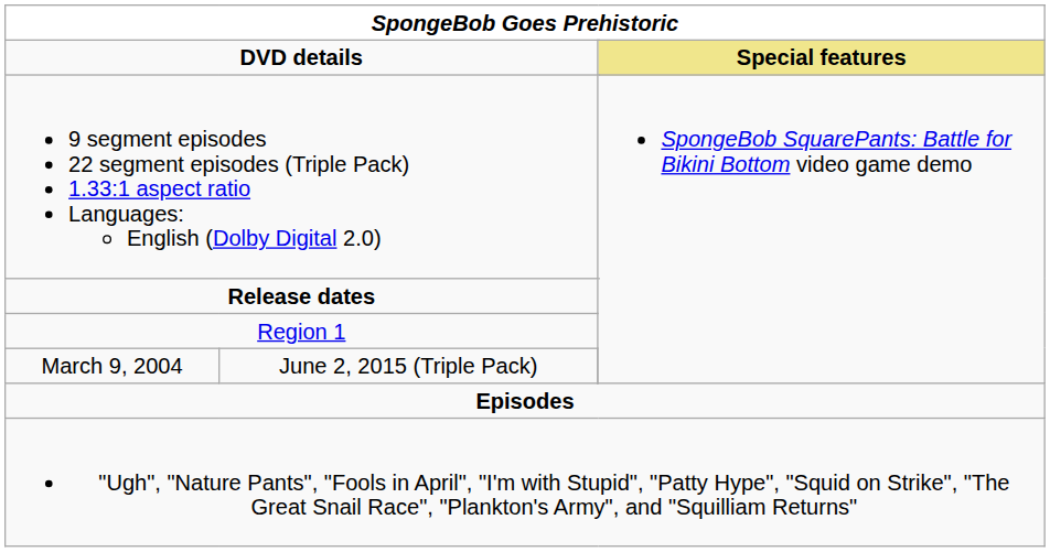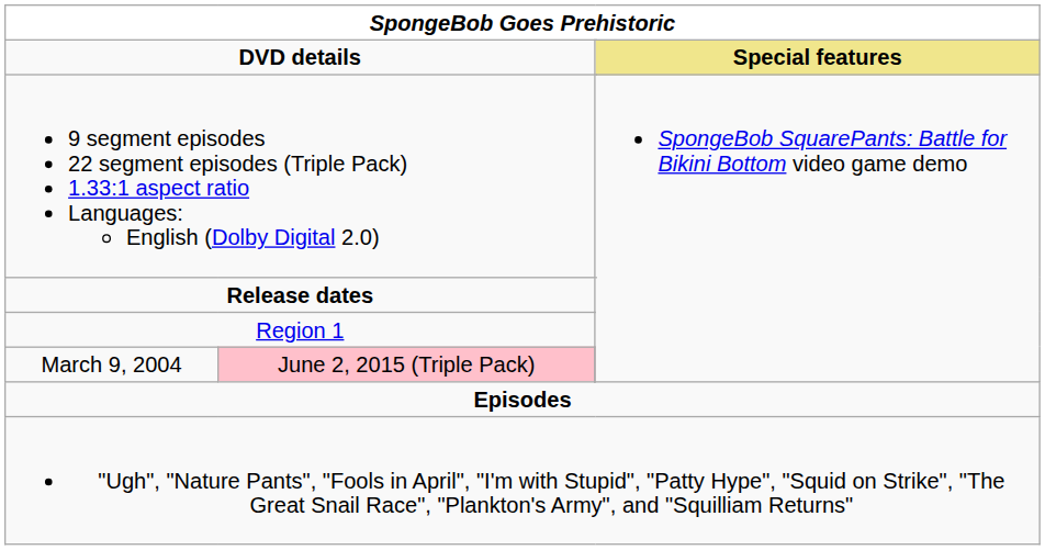 <table class="wikitable" style="font-size: 95%;">
 <tr style="background:#FFF; color:#000;">
 <td colspan="4" align="center"><strong><em>SpongeBob Goes Prehistoric</em></strong></td>
 </tr>
 <tr valign="top">
 <td style="text-align:center; width:400px;" colspan="3"><strong>DVD details</strong></td>
 <td style="background: khaki; width:300px; text-align:center;"><strong>Special features</strong></td>
 </tr>
 <tr valign="top">
 <td colspan="3" style="text-align:left; width:400px;"><br><ul><li>9 segment episodes</li><li>22 segment episodes (Triple Pack)</li><li><a href='#'>1.33:1 aspect ratio</a></li><li>Languages:<ul><li>English (<a href='#'>Dolby Digital</a> 2.0)</li></ul></li></ul></td>
 <td rowspan="4" style="text-align:left; width:300px;"><br><ul><li><em><a href='#'>SpongeBob SquarePants: Battle for Bikini Bottom</a></em> video game demo</li></ul></td>
 </tr>
 <tr>
 <td colspan="3" style="text-align:center;"><strong>Release dates</strong></td>
 </tr>
 <tr>
 <td colspan="3" style="text-align:center;"><a href='#'>Region 1</a></td>
 </tr>
 <tr style="text-align:center;">
 <td>March 9, 2004</td>
-<td>June 2, 2015 (Triple Pack)</td>
+<td style="background: pink;">June 2, 2015 (Triple Pack)</td>
 </tr>
 <tr>
 <td style="text-align:center; width:400px;" colspan="4"><strong>Episodes</strong></td>
 </tr>
 <tr>
 <td style="text-align:center; width:400px;" colspan="4"><br><ul><li>"Ugh", "Nature Pants", "Fools in April", "I'm with Stupid", "Patty Hype", "Squid on Strike", "The Great Snail Race", "Plankton's Army", and "Squilliam Returns"</li></ul></td>
 </tr>
 </table>
